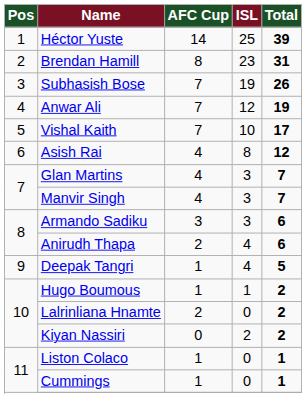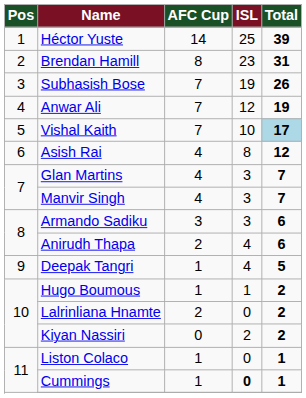 <table class="wikitable" margin-left:1em;float:center>
 <tr>
 <th style="background:#1A5026; color:white; text-align:center;">Pos</th>
 <th style="background:#7A1024; color:white; text-align:center;">Name</th>
 <th style="background:#1A5026; color:white; text-align:center;">AFC Cup</th>
 <th style="background:#7A1024; color:white; text-align:center;">ISL</th>
 <th style="background:#1A5026; color:white; text-align:center;">Total</th>
 </tr>
 <tr>
 <td rowspan="1"style="text-align:center">1</td>
 <td><a href='#'>Héctor Yuste</a></td>
 <td style="text-align:center">14</td>
 <td style="text-align:center">25</td>
 <td style="text-align:center"><strong>39</strong></td>
 </tr>
 <tr>
 <td rowspan="1"style="text-align:center">2</td>
 <td><a href='#'>Brendan Hamill</a></td>
 <td style="text-align:center">8</td>
 <td style="text-align:center">23</td>
 <td style="text-align:center"><strong>31</strong></td>
 </tr>
 <tr>
 <td rowspan="1"style="text-align:center">3</td>
 <td> <a href='#'>Subhasish Bose</a></td>
 <td style="text-align:center">7</td>
 <td style="text-align:center">19</td>
 <td style="text-align:center"><strong>26</strong></td>
 </tr>
 <tr>
 <td rowspan="1"style="text-align:center">4</td>
 <td><a href='#'>Anwar Ali</a></td>
 <td style="text-align:center">7</td>
 <td style="text-align:center">12</td>
 <td style="text-align:center"><strong>19</strong></td>
 </tr>
 <tr>
 <td rowspan="1"style="text-align:center">5</td>
 <td><a href='#'>Vishal Kaith</a></td>
 <td style="text-align:center">7</td>
 <td style="text-align:center">10</td>
-<td style="text-align:center"><strong>17</strong></td>
+<td style="background: lightblue; text-align:center"><strong>17</strong></td>
 </tr>
 <tr>
 <td rowspan="1"style="text-align:center">6</td>
 <td><a href='#'>Asish Rai</a></td>
 <td style="text-align:center">4</td>
 <td style="text-align:center">8</td>
 <td style="text-align:center"><strong>12</strong></td>
 </tr>
 <tr>
 <td rowspan="2"style="text-align:center">7</td>
 <td><a href='#'>Glan Martins</a></td>
 <td style="text-align:center">4</td>
 <td style="text-align:center">3</td>
 <td style="text-align:center"><strong>7</strong></td>
 </tr>
 <tr>
 <td> <a href='#'>Manvir Singh</a></td>
 <td style="text-align:center">4</td>
 <td style="text-align:center">3</td>
 <td style="text-align:center"><strong>7</strong></td>
 </tr>
 <tr>
 <td rowspan="2"style="text-align:center">8</td>
 <td><a href='#'>Armando Sadiku</a></td>
 <td style="text-align:center">3</td>
 <td style="text-align:center">3</td>
 <td style="text-align:center"><strong>6</strong></td>
 </tr>
 <tr>
 <td> <a href='#'>Anirudh Thapa</a></td>
 <td style="text-align:center">2</td>
 <td style="text-align:center">4</td>
 <td style="text-align:center"><strong>6</strong></td>
 </tr>
 <tr>
 <td rowspan="1"style="text-align:center">9</td>
 <td> <a href='#'>Deepak Tangri</a></td>
 <td style="text-align:center">1</td>
 <td style="text-align:center">4</td>
 <td style="text-align:center"><strong>5</strong></td>
 </tr>
 <tr>
 <td rowspan="3"style="text-align:center">10</td>
 <td> <a href='#'>Hugo Boumous</a></td>
 <td style="text-align:center">1</td>
 <td style="text-align:center">1</td>
 <td style="text-align:center"><strong>2</strong></td>
 </tr>
 <tr>
 <td> <a href='#'>Lalrinliana Hnamte</a></td>
 <td style="text-align:center">2</td>
 <td style="text-align:center">0</td>
 <td style="text-align:center"><strong>2</strong></td>
 </tr>
 <tr>
 <td> <a href='#'>Kiyan Nassiri</a></td>
 <td style="text-align:center">0</td>
 <td style="text-align:center">2</td>
 <td style="text-align:center"><strong>2</strong></td>
 </tr>
 <tr>
 <td rowspan="7"style="text-align:center">11</td>
 <td> <a href='#'>Liston Colaco</a></td>
 <td style="text-align:center">1</td>
 <td style="text-align:center">0</td>
 <td style="text-align:center"><strong>1</strong></td>
 </tr>
 <tr>
 <td> <a href='#'>Cummings</a></td>
 <td style="text-align:center">1</td>
-<td style="text-align:center">0</td>
+<td style="text-align:center"><strong>0</strong></td>
 <td style="text-align:center"><strong>1</strong></td>
 </tr>
 <tr>
 </tr>
 </table>
